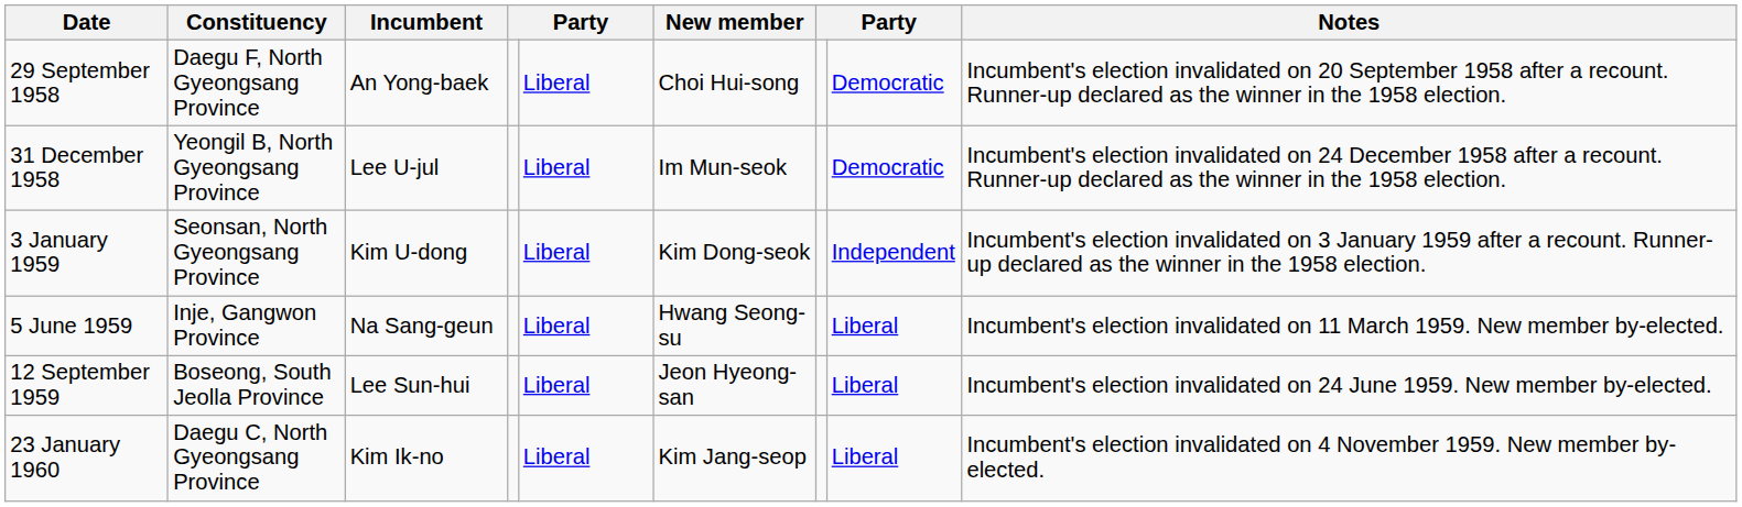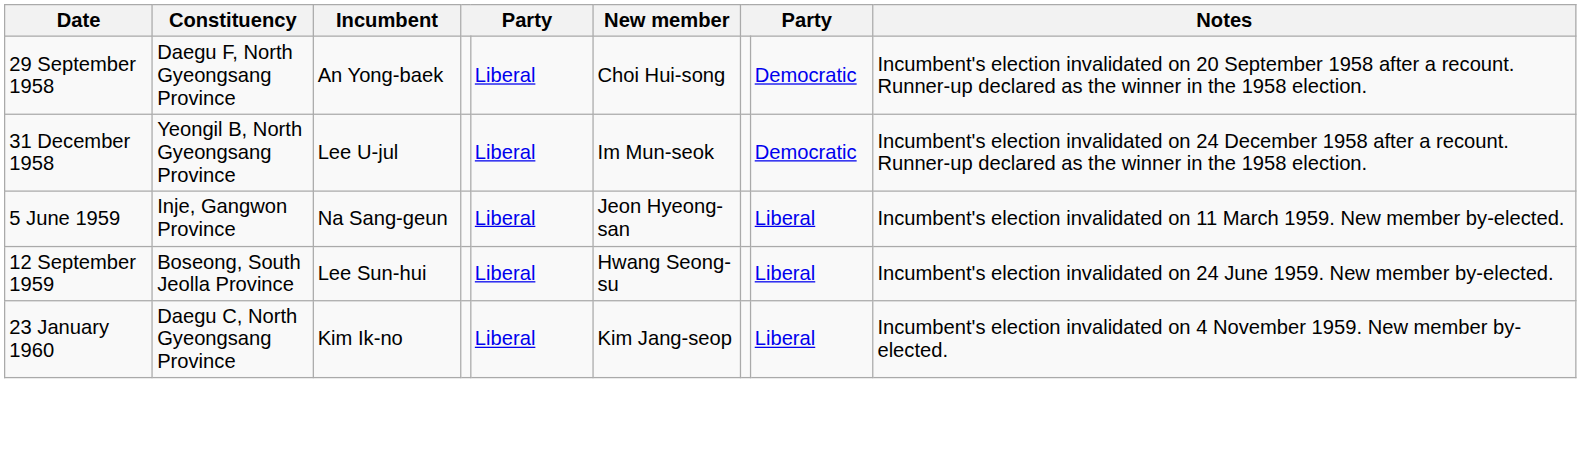 <table class="wikitable sortable plainrowheaders">
 <tr>
 <th width="110px">Date</th>
 <th width="120px">Constituency</th>
 <th width="110px">Incumbent</th>
 <th colspan="2">Party</th>
 <th width="110px">New member</th>
 <th colspan="2">Party</th>
 <th class="unsortable">Notes</th>
 </tr>
 <tr>
 <td>29 September 1958</td>
 <td>Daegu F, North Gyeongsang Province</td>
 <td>An Yong-baek</td>
 <td></td>
 <td width="90px"><a href='#'>Liberal</a></td>
 <td>Choi Hui-song</td>
 <td></td>
 <td width="90px"><a href='#'>Democratic</a></td>
 <td>Incumbent's election invalidated on 20 September 1958 after a recount. Runner-up declared as the winner in the 1958 election.</td>
 </tr>
 <tr>
 <td>31 December 1958</td>
 <td>Yeongil B, North Gyeongsang Province</td>
 <td>Lee U-jul</td>
 <td></td>
 <td><a href='#'>Liberal</a></td>
 <td>Im Mun-seok</td>
 <td></td>
 <td><a href='#'>Democratic</a></td>
 <td>Incumbent's election invalidated on 24 December 1958 after a recount. Runner-up declared as the winner in the 1958 election.</td>
 </tr>
 <tr>
-<td>3 January 1959</td>
-<td>Seonsan, North Gyeongsang Province</td>
-<td>Kim U-dong</td>
-<td></td>
-<td><a href='#'>Liberal</a></td>
-<td>Kim Dong-seok</td>
-<td></td>
-<td><a href='#'>Independent</a></td>
-<td>Incumbent's election invalidated on 3 January 1959 after a recount. Runner-up declared as the winner in the 1958 election.</td>
-</tr>
-<tr>
 <td>5 June 1959</td>
 <td>Inje, Gangwon Province</td>
 <td>Na Sang-geun</td>
 <td></td>
 <td><a href='#'>Liberal</a></td>
-<td>Hwang Seong-su</td>
+<td>Jeon Hyeong-san</td>
 <td></td>
 <td><a href='#'>Liberal</a></td>
 <td>Incumbent's election invalidated on 11 March 1959. New member by-elected.</td>
 </tr>
 <tr>
 <td>12 September 1959</td>
 <td>Boseong, South Jeolla Province</td>
 <td>Lee Sun-hui</td>
 <td></td>
 <td><a href='#'>Liberal</a></td>
-<td>Jeon Hyeong-san</td>
+<td>Hwang Seong-su</td>
 <td></td>
 <td><a href='#'>Liberal</a></td>
 <td>Incumbent's election invalidated on 24 June 1959. New member by-elected.</td>
 </tr>
 <tr>
 <td>23 January 1960</td>
 <td>Daegu C, North Gyeongsang Province</td>
 <td>Kim Ik-no</td>
 <td></td>
 <td><a href='#'>Liberal</a></td>
 <td>Kim Jang-seop</td>
 <td></td>
 <td><a href='#'>Liberal</a></td>
 <td>Incumbent's election invalidated on 4 November 1959. New member by-elected.</td>
 </tr>
 </table>
